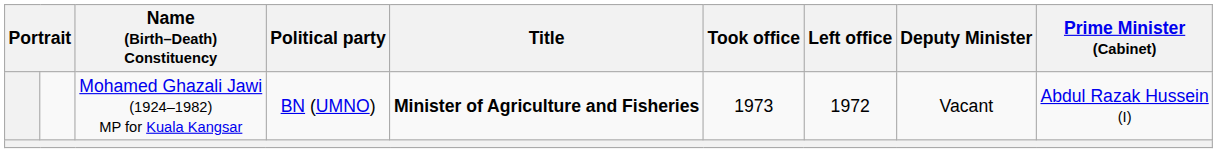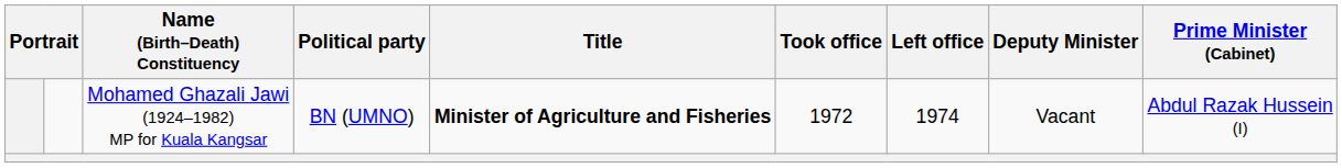 <table class="wikitable" style="text-align:center;">
 <tr>
 <th colspan="2">Portrait</th>
 <th>Name<br><small>(Birth–Death)<br>Constituency</small></th>
 <th>Political party</th>
 <th>Title</th>
 <th>Took office</th>
 <th>Left office</th>
 <th>Deputy Minister</th>
 <th><a href='#'>Prime Minister</a><br><small>(Cabinet)</small></th>
 </tr>
 <tr>
 <th style="background:"></th>
 <td></td>
 <td><a href='#'>Mohamed Ghazali Jawi</a><br><small>(1924–1982)<br>MP for <a href='#'>Kuala Kangsar</a></small></td>
 <td><a href='#'>BN</a> (<a href='#'>UMNO</a>)</td>
 <td><strong>Minister of Agriculture and Fisheries</strong></td>
-<td>1973</td>
 <td>1972</td>
+<td>1974</td>
 <td>Vacant</td>
 <td><a href='#'>Abdul Razak Hussein</a><br><small>(I)</small></td>
 </tr>
 <tr>
 <th colspan="9" bgcolor="cccccc"></th>
 </tr>
 </table>
